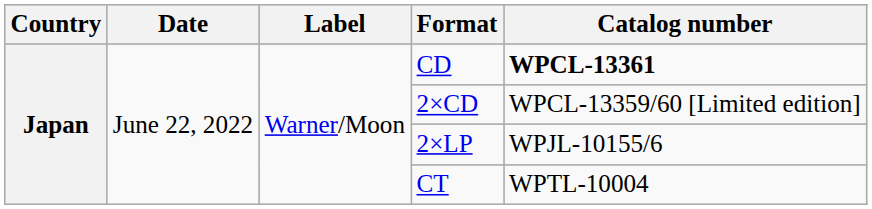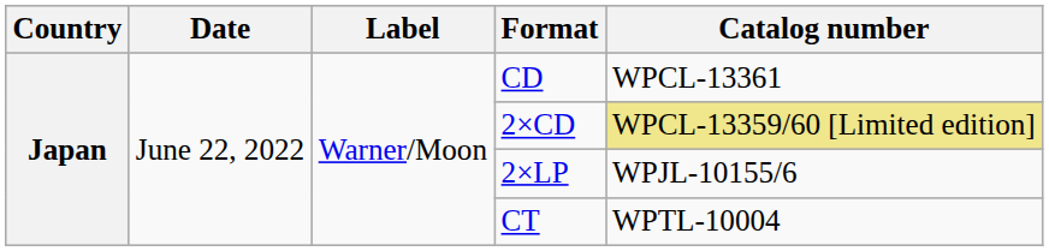 <table class="wikitable plainrowheaders">
 <tr>
 <th>Country</th>
 <th>Date</th>
 <th>Label</th>
 <th>Format</th>
 <th>Catalog number</th>
 </tr>
 <tr>
 <th scope="row" rowspan="4">Japan</th>
 <td rowspan="4">June 22, 2022</td>
 <td rowspan="4"><a href='#'>Warner</a>/Moon</td>
 <td><a href='#'>CD</a></td>
-<td><strong>WPCL-13361</strong></td>
+<td>WPCL-13361</td>
 </tr>
 <tr>
 <td><a href='#'>2×CD</a></td>
-<td>WPCL-13359/60 [Limited edition]</td>
+<td style="background: khaki;">WPCL-13359/60 [Limited edition]</td>
 </tr>
 <tr>
 <td><a href='#'>2×LP</a></td>
 <td>WPJL-10155/6</td>
 </tr>
 <tr>
 <td><a href='#'>CT</a></td>
 <td>WPTL-10004</td>
 </tr>
 </table>
